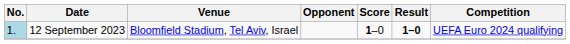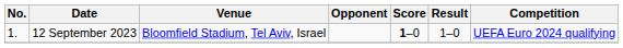 <table class="wikitable">
 <tr>
 <th>No.</th>
 <th>Date</th>
 <th>Venue</th>
 <th>Opponent</th>
 <th>Score</th>
 <th>Result</th>
 <th>Competition</th>
 </tr>
 <tr>
-<td style="background: lightblue;">1.</td>
+<td>1.</td>
 <td>12 September 2023</td>
 <td><a href='#'>Bloomfield Stadium</a>, <a href='#'>Tel Aviv</a>, Israel</td>
 <td></td>
 <td align=center><strong>1</strong>–0</td>
-<td align=center><strong>1–0</strong></td>
+<td align=center>1–0</td>
 <td><a href='#'>UEFA Euro 2024 qualifying</a></td>
 </tr>
 <tr>
 </tr>
 </table>
